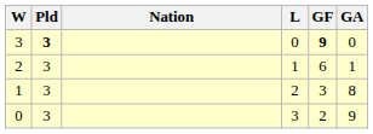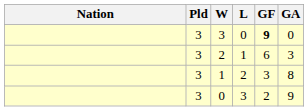 <table class=wikitable style="text-align:center">
 <tr>
+<th width=220>Nation</th>
+<th width=20>Pld</th>
 <th width=20>W</th>
-<th width=20>Pld</th>
-<th width=220>Nation</th>
 <th width=20>L</th>
 <th width=20>GF</th>
 <th width=20>GA</th>
 </tr>
 <tr bgcolor=#ffffcc>
+<td align=left></td>
 <td>3</td>
-<td><strong>3</strong></td>
-<td align=left></td>
+<td>3</td>
 <td>0</td>
 <td><strong>9</strong></td>
 <td>0</td>
 </tr>
 <tr bgcolor=#ffffcc>
+<td align=left></td>
+<td>3</td>
 <td>2</td>
-<td>3</td>
-<td align=left></td>
 <td>1</td>
 <td>6</td>
-<td>1</td>
+<td>3</td>
 </tr>
 <tr bgcolor=#ffffcc>
+<td align=left></td>
+<td>3</td>
 <td>1</td>
-<td>3</td>
-<td align=left></td>
 <td>2</td>
 <td>3</td>
 <td>8</td>
 </tr>
 <tr bgcolor=#ffffcc>
+<td align=left></td>
+<td>3</td>
 <td>0</td>
-<td>3</td>
-<td align=left></td>
 <td>3</td>
 <td>2</td>
 <td>9</td>
 </tr>
 </table>
